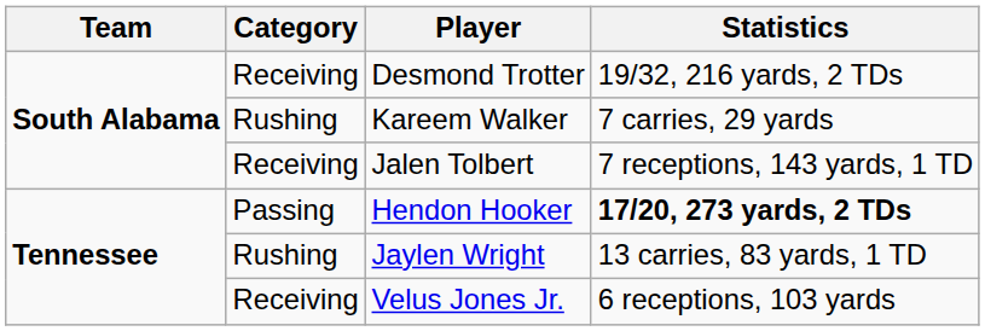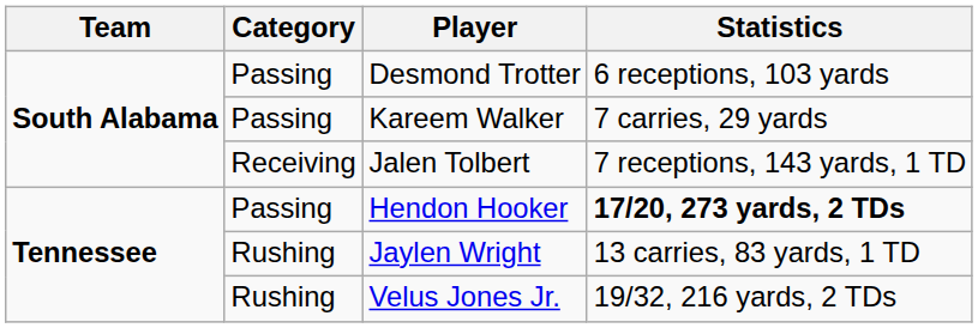 <table class="wikitable" style="float: left;">
 <tr>
 <th>Team</th>
 <th>Category</th>
 <th>Player</th>
 <th>Statistics</th>
 </tr>
 <tr>
 <td rowspan=3><strong>South Alabama</strong></td>
-<td>Receiving</td>
+<td>Passing</td>
 <td>Desmond Trotter</td>
-<td>19/32, 216 yards, 2 TDs</td>
+<td>6 receptions, 103 yards</td>
 </tr>
 <tr>
-<td>Rushing</td>
+<td>Passing</td>
 <td>Kareem Walker</td>
 <td>7 carries, 29 yards</td>
 </tr>
 <tr>
 <td>Receiving</td>
 <td>Jalen Tolbert</td>
 <td>7 receptions, 143 yards, 1 TD</td>
 </tr>
 <tr>
 <td rowspan=3><strong>Tennessee</strong></td>
 <td>Passing</td>
 <td><a href='#'>Hendon Hooker</a></td>
 <td><strong>17/20, 273 yards, 2 TDs</strong></td>
 </tr>
 <tr>
 <td>Rushing</td>
 <td><a href='#'>Jaylen Wright</a></td>
 <td>13 carries, 83 yards, 1 TD</td>
 </tr>
 <tr>
-<td>Receiving</td>
+<td>Rushing</td>
 <td><a href='#'>Velus Jones Jr.</a></td>
-<td>6 receptions, 103 yards</td>
+<td>19/32, 216 yards, 2 TDs</td>
 </tr>
 </table>
